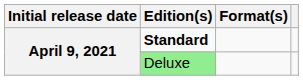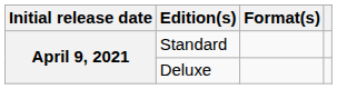 <table class="wikitable plainrowheaders">
 <tr>
 <th scope="col">Initial release date</th>
 <th scope="col">Edition(s)</th>
 <th scope="col">Format(s)</th>
 <th scope="col"></th>
 </tr>
 <tr>
 <th scope="row" rowspan="2">April 9, 2021</th>
-<td><strong>Standard</strong></td>
+<td>Standard</td>
 <td></td>
 <td align="center"></td>
 </tr>
 <tr>
-<td style="background: lightgreen;">Deluxe</td>
+<td>Deluxe</td>
 <td> </td>
 <td align="center"></td>
 </tr>
 </table>
